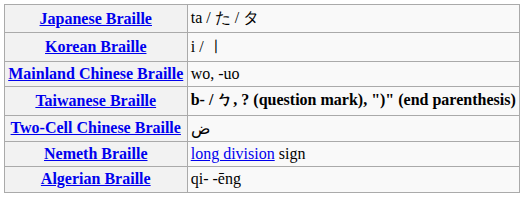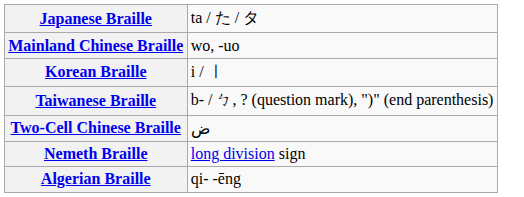 <table class="wikitable">
 <tr>
 <th align=left><a href='#'>Japanese Braille</a></th>
 <td>ta / た / タ </td>
 </tr>
 <tr>
+<th align=left><a href='#'>Mainland Chinese Braille</a></th>
+<td>wo, -uo </td>
+</tr>
+<tr>
 <th align=left><a href='#'>Korean Braille</a></th>
 <td>i / ㅣ </td>
 </tr>
 <tr>
-<th align=left><a href='#'>Mainland Chinese Braille</a></th>
-<td>wo, -uo </td>
-</tr>
-<tr>
 <th align=left><a href='#'>Taiwanese Braille</a></th>
-<td><strong>b- / ㄅ, ? (question mark), ")" (end parenthesis)</strong></td>
+<td>b- / ㄅ, ? (question mark), ")" (end parenthesis)</td>
 </tr>
 <tr>
 <th align=left><a href='#'>Two-Cell Chinese Braille</a></th>
 <td>ض ‎</td>
 </tr>
 <tr>
 <th align=left><a href='#'>Nemeth Braille</a></th>
 <td><a href='#'>long division</a> sign </td>
 </tr>
 <tr>
 </tr>
 <tr>
 <th align=left><a href='#'>Algerian Braille</a></th>
 <td>qi- -ēng</td>
 </tr>
 <tr>
 </tr>
 </table>
